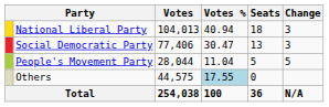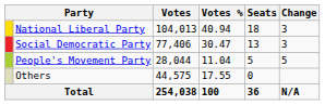 <table class="wikitable">
 <tr>
 <th colspan="2">Party</th>
 <th>Votes</th>
 <th>Votes %</th>
 <th>Seats</th>
 <th>Change</th>
 </tr>
 <tr>
 <td style="background:#ffdd00;" width="5"></td>
 <td><a href='#'>National Liberal Party</a></td>
 <td>104,013</td>
 <td>40.94</td>
 <td>18</td>
 <td>3</td>
 </tr>
 <tr>
 <td style="background:#ed2128;" width="5"></td>
 <td><a href='#'>Social Democratic Party</a></td>
 <td>77,406</td>
 <td>30.47</td>
 <td>13</td>
 <td>3</td>
 </tr>
 <tr>
 <td style="background:#a7cf35;" width="5"></td>
 <td><a href='#'>People's Movement Party</a></td>
 <td>28,044</td>
 <td>11.04</td>
 <td>5</td>
 <td>5</td>
 </tr>
 <tr>
 <td style="background:#ddddbb;" width="5"></td>
 <td>Others</td>
 <td>44,575</td>
-<td style="background: lightblue;">17.55</td>
+<td>17.55</td>
 <td>0</td>
 <td></td>
 </tr>
 <tr>
 <th colspan="2">Total</th>
 <td><strong>254,038</strong></td>
 <td><strong>100</strong></td>
 <td><strong>36</strong></td>
 <td><strong>N/A</strong></td>
 </tr>
 </table>
